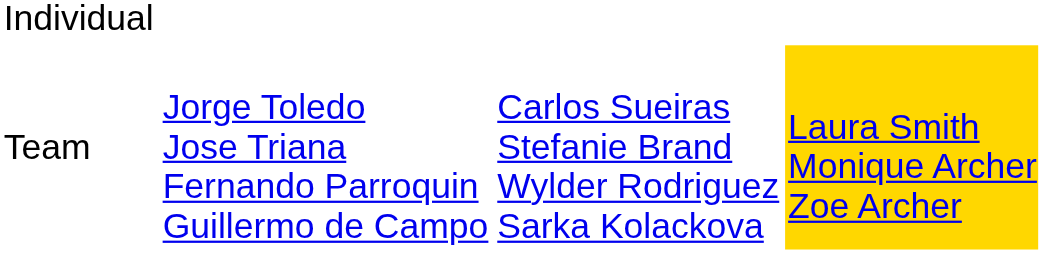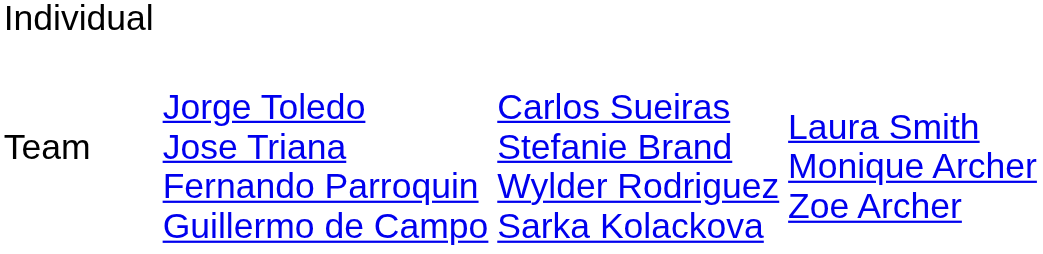 <table>
 <tr>
 <td>Individual</td>
 <td></td>
 <td></td>
 <td></td>
 </tr>
 <tr>
 <td>Team</td>
 <td><br><a href='#'>Jorge Toledo</a><br><a href='#'>Jose Triana</a><br><a href='#'>Fernando Parroquin</a><br><a href='#'>Guillermo de Campo</a></td>
 <td><br><a href='#'>Carlos Sueiras</a><br><a href='#'>Stefanie Brand</a><br><a href='#'>Wylder Rodriguez</a><br><a href='#'>Sarka Kolackova</a></td>
-<td style="background: gold;"><br><a href='#'>Laura Smith</a><br><a href='#'>Monique Archer</a><br><a href='#'>Zoe Archer</a></td>
+<td><br><a href='#'>Laura Smith</a><br><a href='#'>Monique Archer</a><br><a href='#'>Zoe Archer</a></td>
 </tr>
 </table>
